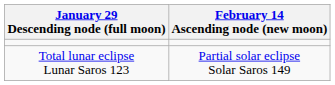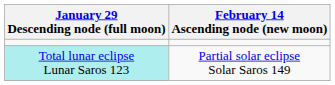 <table class="wikitable">
 <tr>
 <th><a href='#'>January 29</a><br>Descending node (full moon)</th>
 <th><a href='#'>February 14</a><br>Ascending node (new moon)<br></th>
 </tr>
 <tr>
 <td></td>
 <td></td>
 </tr>
 <tr align=center>
-<td><a href='#'>Total lunar eclipse</a><br>Lunar Saros 123</td>
+<td style="background: paleturquoise;"><a href='#'>Total lunar eclipse</a><br>Lunar Saros 123</td>
 <td><a href='#'>Partial solar eclipse</a><br>Solar Saros 149</td>
 </tr>
 </table>
